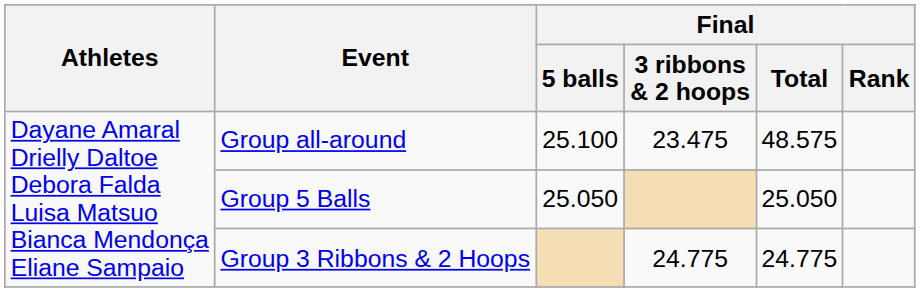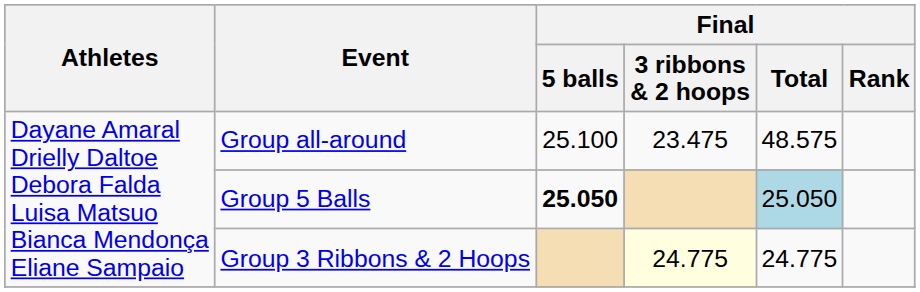 <table class="wikitable" style="font-size:90%">
 <tr>
 <th rowspan="2">Athletes</th>
 <th rowspan="2">Event</th>
 <th colspan="4">Final</th>
 </tr>
 <tr>
 <th>5 balls</th>
 <th>3 ribbons<br>& 2 hoops</th>
 <th>Total</th>
 <th>Rank</th>
 </tr>
 <tr>
 <td rowspan=3><a href='#'>Dayane Amaral</a><br><a href='#'>Drielly Daltoe</a><br><a href='#'>Debora Falda</a><br><a href='#'>Luisa Matsuo</a><br><a href='#'>Bianca Mendonça</a><br><a href='#'>Eliane Sampaio</a></td>
 <td><a href='#'>Group all-around</a></td>
 <td align=center>25.100</td>
 <td align=center>23.475</td>
 <td align=center>48.575</td>
 <td align=center></td>
 </tr>
 <tr>
 <td><a href='#'>Group 5 Balls</a></td>
-<td align=center>25.050</td>
+<td align=center><strong>25.050</strong></td>
 <td bgcolor=wheat></td>
-<td align=center>25.050</td>
+<td align=center style="background: lightblue;">25.050</td>
 <td align=center></td>
 </tr>
 <tr>
 <td><a href='#'>Group 3 Ribbons & 2 Hoops</a></td>
 <td bgcolor=wheat></td>
-<td align=center>24.775</td>
+<td align=center style="background: lightyellow;">24.775</td>
 <td align=center>24.775</td>
 <td align=center></td>
 </tr>
 </table>
